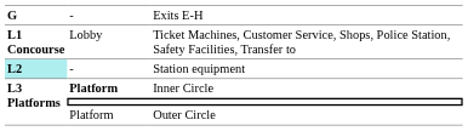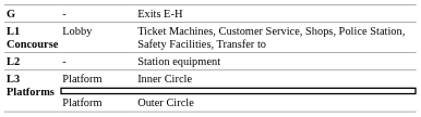 <table table border=0 cellspacing=0 cellpadding=3>
 <tr>
 <td style="border-top:solid 1px gray;" valign=top><strong>G</strong></td>
 <td style="border-top:solid 1px gray;" valign=top>-</td>
 <td style="border-top:solid 1px gray;" valign=top>Exits E-H</td>
 </tr>
 <tr>
 <td style="border-bottom:solid 1px gray; border-top:solid 1px gray;" valign=top width=50><strong>L1<br>Concourse</strong></td>
 <td style="border-bottom:solid 1px gray; border-top:solid 1px gray;" valign=top width=100> Lobby</td>
 <td style="border-bottom:solid 1px gray; border-top:solid 1px gray;" valign=top width=390>Ticket Machines, Customer Service, Shops, Police Station, Safety Facilities, Transfer to </td>
 </tr>
 <tr>
-<td style="background: paleturquoise; border-bottom:solid 1px gray;" width=50 valign=top><strong>L2</strong></td>
+<td style="border-bottom:solid 1px gray;" width=50 valign=top><strong>L2</strong></td>
 <td style="border-bottom:solid 1px gray;" width=100 valign=top>-</td>
 <td style="border-bottom:solid 1px gray;" width=390 valign=top>Station equipment</td>
 </tr>
 <tr>
 <td style="border-bottom:solid 1px gray;" rowspan=3 valign=top><strong>L3<br>Platforms</strong></td>
-<td><strong>Platform </strong></td>
+<td>Platform </td>
 <td>  Inner Circle </td>
 </tr>
 <tr>
 <td style="border-right:solid 2px black;border-left:solid 2px black;border-top:solid 2px black;border-bottom:solid 2px black;text-align:center;" colspan=2></td>
 </tr>
 <tr>
 <td style="border-bottom:solid 1px gray;">Platform </td>
 <td style="border-bottom:solid 1px gray;"> Outer Circle  </td>
 </tr>
 </table>
